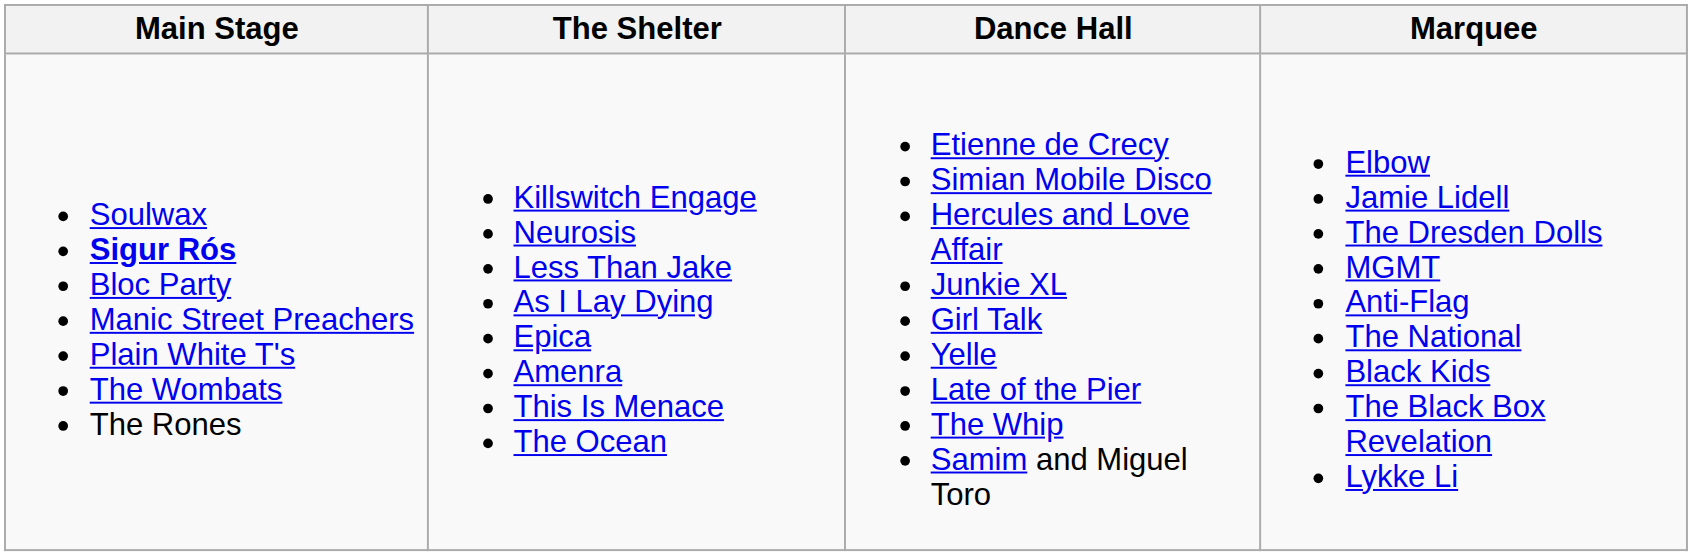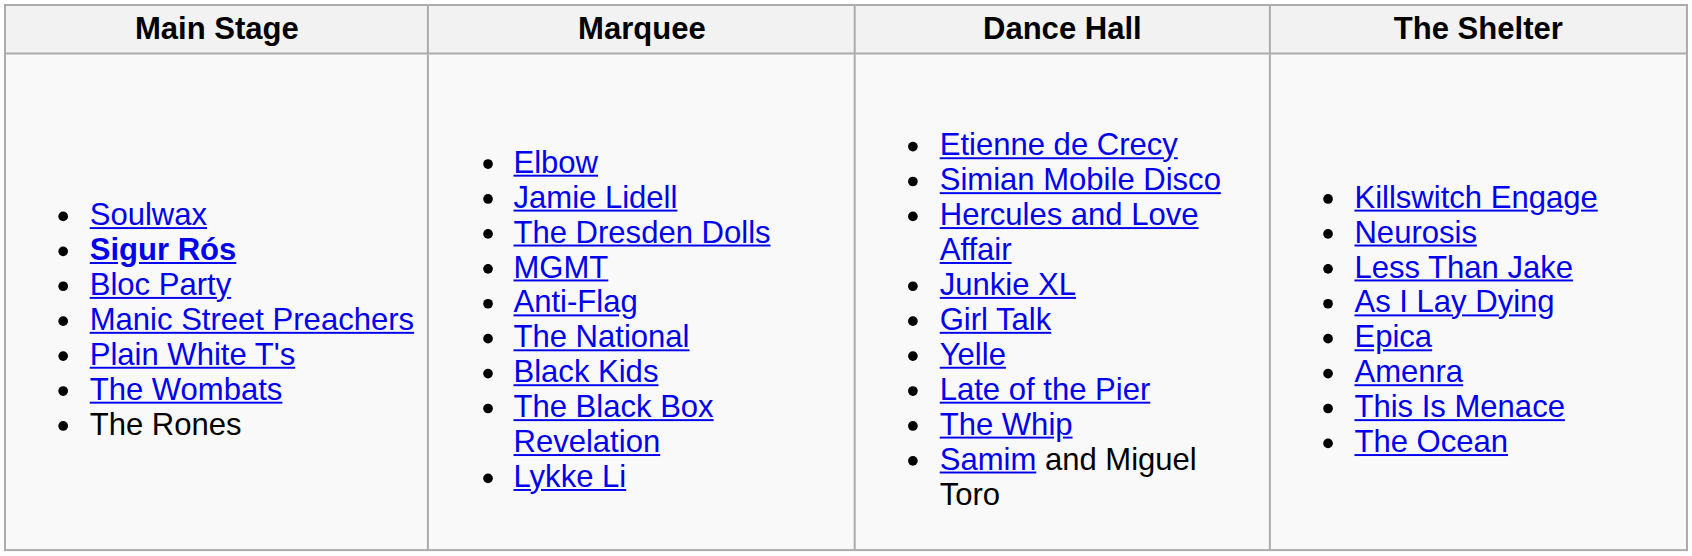 <table class="wikitable">
 <tr>
 <th width="300" rowspan="1">Main Stage</th>
+<th width="300" rowspan="1">Marquee</th>
+<th width="300" rowspan="1">Dance Hall</th>
 <th width="300" rowspan="1">The Shelter</th>
-<th width="300" rowspan="1">Dance Hall</th>
-<th width="300" rowspan="1">Marquee</th>
 </tr>
 <tr>
 <td><br><ul><li><a href='#'>Soulwax</a></li><li><strong><a href='#'>Sigur Rós</a></strong></li><li><a href='#'>Bloc Party</a></li><li><a href='#'>Manic Street Preachers</a></li><li><a href='#'>Plain White T's</a></li><li><a href='#'>The Wombats</a></li><li>The Rones</li></ul></td>
+<td><br><ul><li><a href='#'>Elbow</a></li><li><a href='#'>Jamie Lidell</a></li><li><a href='#'>The Dresden Dolls</a></li><li><a href='#'>MGMT</a></li><li><a href='#'>Anti-Flag</a></li><li><a href='#'>The National</a></li><li><a href='#'>Black Kids</a></li><li><a href='#'>The Black Box Revelation</a></li><li><a href='#'>Lykke Li</a></li></ul></td>
+<td><br><ul><li><a href='#'>Etienne de Crecy</a></li><li><a href='#'>Simian Mobile Disco</a></li><li><a href='#'>Hercules and Love Affair</a></li><li><a href='#'>Junkie XL</a></li><li><a href='#'>Girl Talk</a></li><li><a href='#'>Yelle</a></li><li><a href='#'>Late of the Pier</a></li><li><a href='#'>The Whip</a></li><li><a href='#'>Samim</a> and Miguel Toro</li></ul></td>
 <td><br><ul><li><a href='#'>Killswitch Engage</a></li><li><a href='#'>Neurosis</a></li><li><a href='#'>Less Than Jake</a></li><li><a href='#'>As I Lay Dying</a></li><li><a href='#'>Epica</a></li><li><a href='#'>Amenra</a></li><li><a href='#'>This Is Menace</a></li><li><a href='#'>The Ocean</a></li></ul></td>
-<td><br><ul><li><a href='#'>Etienne de Crecy</a></li><li><a href='#'>Simian Mobile Disco</a></li><li><a href='#'>Hercules and Love Affair</a></li><li><a href='#'>Junkie XL</a></li><li><a href='#'>Girl Talk</a></li><li><a href='#'>Yelle</a></li><li><a href='#'>Late of the Pier</a></li><li><a href='#'>The Whip</a></li><li><a href='#'>Samim</a> and Miguel Toro</li></ul></td>
-<td><br><ul><li><a href='#'>Elbow</a></li><li><a href='#'>Jamie Lidell</a></li><li><a href='#'>The Dresden Dolls</a></li><li><a href='#'>MGMT</a></li><li><a href='#'>Anti-Flag</a></li><li><a href='#'>The National</a></li><li><a href='#'>Black Kids</a></li><li><a href='#'>The Black Box Revelation</a></li><li><a href='#'>Lykke Li</a></li></ul></td>
 </tr>
 </table>
